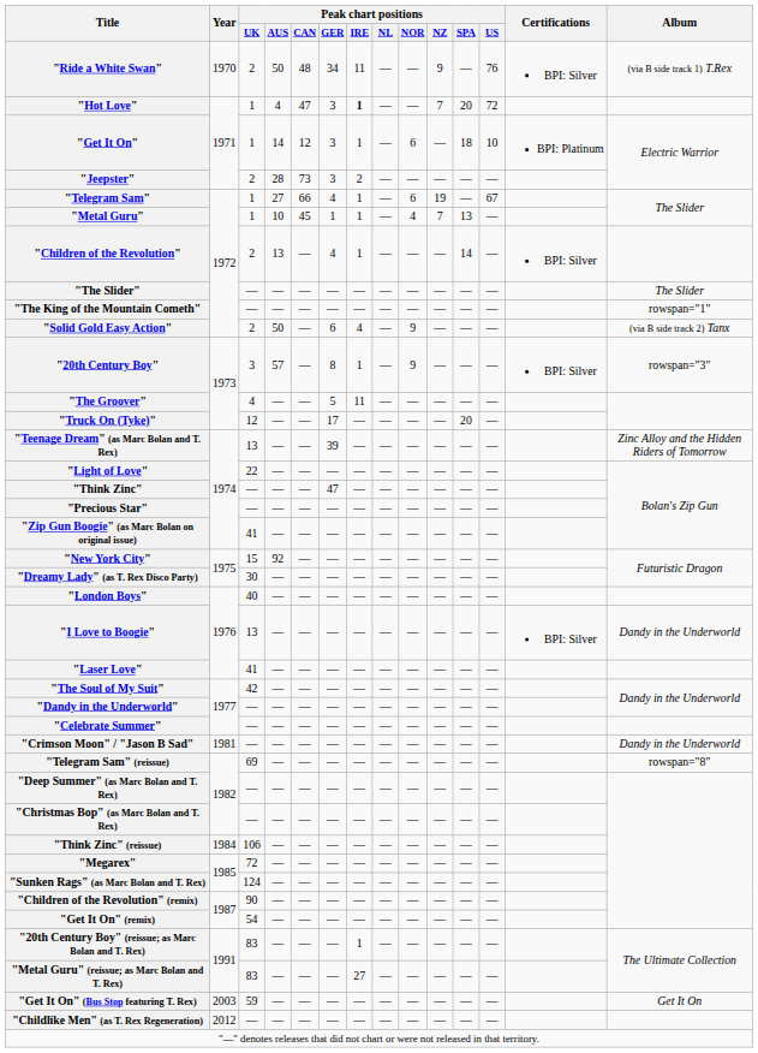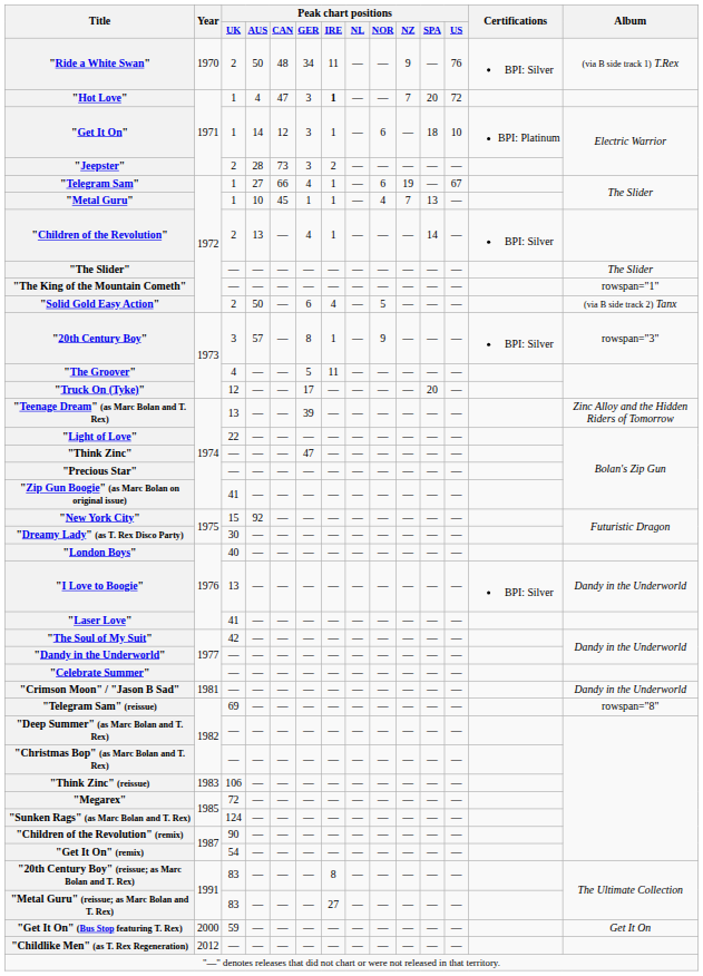 <table class="wikitable plainrowheaders" style="text-align:center;">
 <tr>
 <th rowspan="2" scope="col" style="width:17em;">Title</th>
 <th rowspan="2" scope="col" style="width:2em;">Year</th>
 <th colspan="10">Peak chart positions</th>
 <th rowspan="2" scope="col">Certifications</th>
 <th rowspan="2" scope="col" style="width:12em;">Album</th>
 </tr>
 <tr>
 <th scope="col" style="width:2em;font-size:90%;"><a href='#'>UK</a><br></th>
 <th scope="col" style="width:2em;font-size:90%;"><a href='#'>AUS</a><br></th>
 <th scope="col" style="width:2em;font-size:90%;"><a href='#'>CAN</a><br></th>
 <th scope="col" style="width:2em;font-size:90%;"><a href='#'>GER</a><br></th>
 <th scope="col" style="width:2em;font-size:90%;"><a href='#'>IRE</a><br></th>
 <th scope="col" style="width:2em;font-size:90%;"><a href='#'>NL</a><br></th>
 <th scope="col" style="width:2em;font-size:90%;"><a href='#'>NOR</a><br></th>
 <th scope="col" style="width:2em;font-size:90%;"><a href='#'>NZ</a><br></th>
 <th scope="col" style="width:2em;font-size:90%;"><a href='#'>SPA</a><br></th>
 <th scope="col" style="width:2em;font-size:90%;"><a href='#'>US</a><br></th>
 </tr>
 <tr>
 <th scope="row">"<a href='#'>Ride a White Swan</a>"</th>
 <td>1970</td>
 <td>2</td>
 <td>50</td>
 <td>48</td>
 <td>34</td>
 <td>11</td>
 <td>—</td>
 <td>—</td>
 <td>9</td>
 <td>—</td>
 <td>76</td>
 <td><br><ul><li>BPI: Silver</li></ul></td>
 <td><small>(via B side track 1)</small> <em>T.Rex</em></td>
 </tr>
 <tr>
 <th scope="row">"<a href='#'>Hot Love</a>"</th>
 <td rowspan="3">1971</td>
 <td>1</td>
 <td>4</td>
 <td>47</td>
 <td>3</td>
 <td><strong>1</strong></td>
 <td>—</td>
 <td>—</td>
 <td>7</td>
 <td>20</td>
 <td>72</td>
 <td></td>
 <td></td>
 </tr>
 <tr>
 <th scope="row">"<a href='#'>Get It On</a>"</th>
 <td>1</td>
 <td>14</td>
 <td>12</td>
 <td>3</td>
 <td>1</td>
 <td>—</td>
 <td>6</td>
 <td>—</td>
 <td>18</td>
 <td>10</td>
 <td><br><ul><li>BPI: Platinum</li></ul></td>
 <td rowspan="2"><em>Electric Warrior</em></td>
 </tr>
 <tr>
 <th scope="row">"<a href='#'>Jeepster</a>"</th>
 <td>2</td>
 <td>28</td>
 <td>73</td>
 <td>3</td>
 <td>2</td>
 <td>—</td>
 <td>—</td>
 <td>—</td>
 <td>—</td>
 <td>—</td>
 <td></td>
 </tr>
 <tr>
 <th scope="row">"<a href='#'>Telegram Sam</a>"</th>
 <td rowspan="6">1972</td>
 <td>1</td>
 <td>27</td>
 <td>66</td>
 <td>4</td>
 <td>1</td>
 <td>—</td>
 <td>6</td>
 <td>19</td>
 <td>—</td>
 <td>67</td>
 <td></td>
 <td rowspan="2"><em>The Slider</em></td>
 </tr>
 <tr>
 <th scope="row">"<a href='#'>Metal Guru</a>"</th>
 <td>1</td>
 <td>10</td>
 <td>45</td>
 <td>1</td>
 <td>1</td>
 <td>—</td>
 <td>4</td>
 <td>7</td>
 <td>13</td>
 <td>—</td>
 <td></td>
 </tr>
 <tr>
 <th scope="row">"<a href='#'>Children of the Revolution</a>"</th>
 <td>2</td>
 <td>13</td>
 <td>—</td>
 <td>4</td>
 <td>1</td>
 <td>—</td>
 <td>—</td>
 <td>—</td>
 <td>14</td>
 <td>—</td>
 <td><br><ul><li>BPI: Silver</li></ul></td>
 <td></td>
 </tr>
 <tr>
 <th scope="row">"The Slider" </th>
 <td>—</td>
 <td>—</td>
 <td>—</td>
 <td>—</td>
 <td>—</td>
 <td>—</td>
 <td>—</td>
 <td>—</td>
 <td>—</td>
 <td>—</td>
 <td></td>
 <td><em>The Slider</em></td>
 </tr>
 <tr>
 <th scope="row">"The King of the Mountain Cometh" </th>
 <td>—</td>
 <td>—</td>
 <td>—</td>
 <td>—</td>
 <td>—</td>
 <td>—</td>
 <td>—</td>
 <td>—</td>
 <td>—</td>
 <td>—</td>
 <td></td>
 <td>rowspan="1" </td>
 </tr>
 <tr>
 <th scope="row">"<a href='#'>Solid Gold Easy Action</a>"</th>
 <td>2</td>
 <td>50</td>
 <td>—</td>
 <td>6</td>
 <td>4</td>
 <td>—</td>
-<td>9</td>
+<td>5</td>
 <td>—</td>
 <td>—</td>
 <td>—</td>
 <td></td>
 <td><small>(via B side track 2)</small> <em>Tanx</em></td>
 </tr>
 <tr>
 <th scope="row">"<a href='#'>20th Century Boy</a>"</th>
 <td rowspan="3">1973</td>
 <td>3</td>
 <td>57</td>
 <td>—</td>
 <td>8</td>
 <td>1</td>
 <td>—</td>
 <td>9</td>
 <td>—</td>
 <td>—</td>
 <td>—</td>
 <td><br><ul><li>BPI: Silver</li></ul></td>
 <td>rowspan="3" </td>
 </tr>
 <tr>
 <th scope="row">"<a href='#'>The Groover</a>"</th>
 <td>4</td>
 <td>—</td>
 <td>—</td>
 <td>5</td>
 <td>11</td>
 <td>—</td>
 <td>—</td>
 <td>—</td>
 <td>—</td>
 <td>—</td>
 <td></td>
 </tr>
 <tr>
 <th scope="row">"<a href='#'>Truck On (Tyke)</a>"</th>
 <td>12</td>
 <td>—</td>
 <td>—</td>
 <td>17</td>
 <td>—</td>
 <td>—</td>
 <td>—</td>
 <td>—</td>
 <td>20</td>
 <td>—</td>
 <td></td>
 </tr>
 <tr>
 <th scope="row">"<a href='#'>Teenage Dream</a>" <small>(as Marc Bolan and T. Rex)</small></th>
 <td rowspan="5">1974</td>
 <td>13</td>
 <td>—</td>
 <td>—</td>
 <td>39</td>
 <td>—</td>
 <td>—</td>
 <td>—</td>
 <td>—</td>
 <td>—</td>
 <td>—</td>
 <td></td>
 <td><em>Zinc Alloy and the Hidden Riders of Tomorrow</em></td>
 </tr>
 <tr>
 <th scope="row">"<a href='#'>Light of Love</a>"</th>
 <td>22</td>
 <td>—</td>
 <td>—</td>
 <td>—</td>
 <td>—</td>
 <td>—</td>
 <td>—</td>
 <td>—</td>
 <td>—</td>
 <td>—</td>
 <td></td>
 <td rowspan="4"><em>Bolan's Zip Gun</em></td>
 </tr>
 <tr>
 <th scope="row">"Think Zinc" </th>
 <td>—</td>
 <td>—</td>
 <td>—</td>
 <td>47</td>
 <td>—</td>
 <td>—</td>
 <td>—</td>
 <td>—</td>
 <td>—</td>
 <td>—</td>
 <td></td>
 </tr>
 <tr>
 <th scope="row">"Precious Star" </th>
 <td>—</td>
 <td>—</td>
 <td>—</td>
 <td>—</td>
 <td>—</td>
 <td>—</td>
 <td>—</td>
 <td>—</td>
 <td>—</td>
 <td>—</td>
 <td></td>
 </tr>
 <tr>
 <th scope="row">"<a href='#'>Zip Gun Boogie</a>" <small>(as Marc Bolan on original issue)</small></th>
 <td>41</td>
 <td>—</td>
 <td>—</td>
 <td>—</td>
 <td>—</td>
 <td>—</td>
 <td>—</td>
 <td>—</td>
 <td>—</td>
 <td>—</td>
 <td></td>
 </tr>
 <tr>
 <th scope="row">"<a href='#'>New York City</a>"</th>
 <td rowspan="2">1975</td>
 <td>15</td>
 <td>92</td>
 <td>—</td>
 <td>—</td>
 <td>—</td>
 <td>—</td>
 <td>—</td>
 <td>—</td>
 <td>—</td>
 <td>—</td>
 <td></td>
 <td rowspan="2"><em>Futuristic Dragon</em></td>
 </tr>
 <tr>
 <th scope="row">"<a href='#'>Dreamy Lady</a>" <small>(as T. Rex Disco Party)</small></th>
 <td>30</td>
 <td>—</td>
 <td>—</td>
 <td>—</td>
 <td>—</td>
 <td>—</td>
 <td>—</td>
 <td>—</td>
 <td>—</td>
 <td>—</td>
 <td></td>
 </tr>
 <tr>
 <th scope="row">"<a href='#'>London Boys</a>"</th>
 <td rowspan="3">1976</td>
 <td>40</td>
 <td>—</td>
 <td>—</td>
 <td>—</td>
 <td>—</td>
 <td>—</td>
 <td>—</td>
 <td>—</td>
 <td>—</td>
 <td>—</td>
 <td></td>
 <td> </td>
 </tr>
 <tr>
 <th scope="row">"<a href='#'>I Love to Boogie</a>"</th>
 <td>13</td>
 <td>—</td>
 <td>—</td>
 <td>—</td>
 <td>—</td>
 <td>—</td>
 <td>—</td>
 <td>—</td>
 <td>—</td>
 <td>—</td>
 <td><br><ul><li>BPI: Silver</li></ul></td>
 <td><em>Dandy in the Underworld</em></td>
 </tr>
 <tr>
 <th scope="row">"<a href='#'>Laser Love</a>"</th>
 <td>41</td>
 <td>—</td>
 <td>—</td>
 <td>—</td>
 <td>—</td>
 <td>—</td>
 <td>—</td>
 <td>—</td>
 <td>—</td>
 <td>—</td>
 <td></td>
 <td></td>
 </tr>
 <tr>
 <th scope="row">"<a href='#'>The Soul of My Suit</a>"</th>
 <td rowspan="3">1977</td>
 <td>42</td>
 <td>—</td>
 <td>—</td>
 <td>—</td>
 <td>—</td>
 <td>—</td>
 <td>—</td>
 <td>—</td>
 <td>—</td>
 <td>—</td>
 <td></td>
 <td rowspan="2"><em>Dandy in the Underworld</em></td>
 </tr>
 <tr>
 <th scope="row">"<a href='#'>Dandy in the Underworld</a>"</th>
 <td>—</td>
 <td>—</td>
 <td>—</td>
 <td>—</td>
 <td>—</td>
 <td>—</td>
 <td>—</td>
 <td>—</td>
 <td>—</td>
 <td>—</td>
 <td></td>
 </tr>
 <tr>
 <th scope="row">"<a href='#'>Celebrate Summer</a>"</th>
 <td>—</td>
 <td>—</td>
 <td>—</td>
 <td>—</td>
 <td>—</td>
 <td>—</td>
 <td>—</td>
 <td>—</td>
 <td>—</td>
 <td>—</td>
 <td></td>
 <td> </td>
 </tr>
 <tr>
 <th scope="row">"Crimson Moon" / "Jason B Sad"</th>
 <td>1981</td>
 <td>—</td>
 <td>—</td>
 <td>—</td>
 <td>—</td>
 <td>—</td>
 <td>—</td>
 <td>—</td>
 <td>—</td>
 <td>—</td>
 <td>—</td>
 <td></td>
 <td><em>Dandy in the Underworld</em></td>
 </tr>
 <tr>
 <th scope="row">"Telegram Sam" <small>(reissue)</small></th>
 <td rowspan="3">1982</td>
 <td>69</td>
 <td>—</td>
 <td>—</td>
 <td>—</td>
 <td>—</td>
 <td>—</td>
 <td>—</td>
 <td>—</td>
 <td>—</td>
 <td>—</td>
 <td></td>
 <td>rowspan="8" </td>
 </tr>
 <tr>
 <th scope="row">"Deep Summer" <small>(as Marc Bolan and T. Rex)</small></th>
 <td>—</td>
 <td>—</td>
 <td>—</td>
 <td>—</td>
 <td>—</td>
 <td>—</td>
 <td>—</td>
 <td>—</td>
 <td>—</td>
 <td>—</td>
 <td></td>
 </tr>
 <tr>
 <th scope="row">"Christmas Bop" <small>(as Marc Bolan and T. Rex)</small></th>
 <td>—</td>
 <td>—</td>
 <td>—</td>
 <td>—</td>
 <td>—</td>
 <td>—</td>
 <td>—</td>
 <td>—</td>
 <td>—</td>
 <td>—</td>
 <td></td>
 </tr>
 <tr>
 <th scope="row">"Think Zinc" <small>(reissue)</small></th>
-<td>1984</td>
+<td>1983</td>
 <td>106</td>
 <td>—</td>
 <td>—</td>
 <td>—</td>
 <td>—</td>
 <td>—</td>
 <td>—</td>
 <td>—</td>
 <td>—</td>
 <td>—</td>
 <td></td>
 </tr>
 <tr>
 <th scope="row">"Megarex"</th>
 <td rowspan="2">1985</td>
 <td>72</td>
 <td>—</td>
 <td>—</td>
 <td>—</td>
 <td>—</td>
 <td>—</td>
 <td>—</td>
 <td>—</td>
 <td>—</td>
 <td>—</td>
 <td></td>
 </tr>
 <tr>
 <th scope="row">"Sunken Rags" <small>(as Marc Bolan and T. Rex)</small></th>
 <td>124</td>
 <td>—</td>
 <td>—</td>
 <td>—</td>
 <td>—</td>
 <td>—</td>
 <td>—</td>
 <td>—</td>
 <td>—</td>
 <td>—</td>
 <td></td>
 </tr>
 <tr>
 <th scope="row">"Children of the Revolution" <small>(remix)</small></th>
 <td rowspan="2">1987</td>
 <td>90</td>
 <td>—</td>
 <td>—</td>
 <td>—</td>
 <td>—</td>
 <td>—</td>
 <td>—</td>
 <td>—</td>
 <td>—</td>
 <td>—</td>
 <td></td>
 </tr>
 <tr>
 <th scope="row">"Get It On" <small>(remix)</small></th>
 <td>54</td>
 <td>—</td>
 <td>—</td>
 <td>—</td>
 <td>—</td>
 <td>—</td>
 <td>—</td>
 <td>—</td>
 <td>—</td>
 <td>—</td>
 <td></td>
 </tr>
 <tr>
 <th scope="row">"20th Century Boy" <small>(reissue; as Marc Bolan and T. Rex)</small></th>
 <td rowspan="2">1991</td>
 <td>83</td>
 <td>—</td>
 <td>—</td>
 <td>—</td>
-<td>1</td>
+<td>8</td>
 <td>—</td>
 <td>—</td>
 <td>—</td>
 <td>—</td>
 <td>—</td>
 <td></td>
 <td rowspan="2"><em>The Ultimate Collection</em></td>
 </tr>
 <tr>
 <th scope="row">"Metal Guru" <small>(reissue; as Marc Bolan and T. Rex)</small></th>
 <td>83</td>
 <td>—</td>
 <td>—</td>
 <td>—</td>
 <td>27</td>
 <td>—</td>
 <td>—</td>
 <td>—</td>
 <td>—</td>
 <td>—</td>
 <td></td>
 </tr>
 <tr>
 <th scope="row">"Get It On" <small>(<a href='#'>Bus Stop</a> featuring T. Rex)</small></th>
-<td>2003</td>
+<td>2000</td>
 <td>59</td>
 <td>—</td>
 <td>—</td>
 <td>—</td>
 <td>—</td>
 <td>—</td>
 <td>—</td>
 <td>—</td>
 <td>—</td>
 <td>—</td>
 <td></td>
 <td><em>Get It On</em></td>
 </tr>
 <tr>
 <th scope="row">"Childlike Men" <small>(as T. Rex Regeneration)</small></th>
 <td>2012</td>
 <td>—</td>
 <td>—</td>
 <td>—</td>
 <td>—</td>
 <td>—</td>
 <td>—</td>
 <td>—</td>
 <td>—</td>
 <td>—</td>
 <td>—</td>
 <td></td>
 <td></td>
 </tr>
 <tr>
 <td colspan="14" style="font-size:90%">"—" denotes releases that did not chart or were not released in that territory.</td>
 </tr>
 </table>
